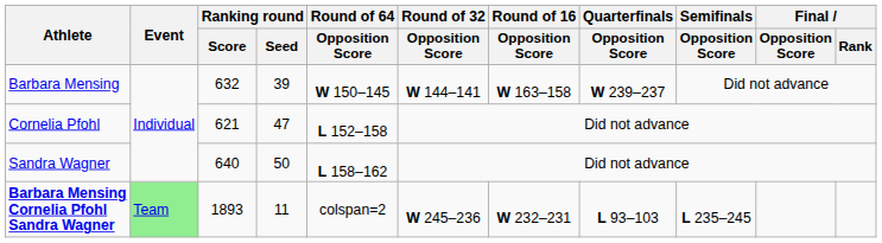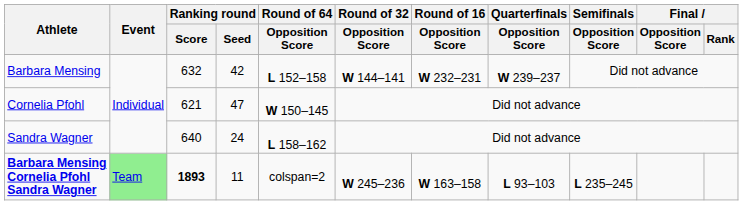 <table class="wikitable" style="font-size:90%">
 <tr>
 <th rowspan=2>Athlete</th>
 <th rowspan=2>Event</th>
 <th colspan="2">Ranking round</th>
 <th>Round of 64</th>
 <th>Round of 32</th>
 <th>Round of 16</th>
 <th>Quarterfinals</th>
 <th>Semifinals</th>
 <th colspan="2">Final / </th>
 </tr>
 <tr style="font-size:95%">
 <th>Score</th>
 <th>Seed</th>
 <th>Opposition<br>Score</th>
 <th>Opposition<br>Score</th>
 <th>Opposition<br>Score</th>
 <th>Opposition<br>Score</th>
 <th>Opposition<br>Score</th>
 <th>Opposition<br>Score</th>
 <th>Rank</th>
 </tr>
 <tr align=center>
 <td align=left><a href='#'>Barbara Mensing</a></td>
 <td align=left rowspan=3><a href='#'>Individual</a></td>
 <td>632</td>
-<td>39</td>
-<td><br><strong>W</strong> 150–145</td>
+<td>42</td>
+<td><br><strong>L</strong> 152–158</td>
 <td><br><strong>W</strong> 144–141</td>
-<td><br><strong>W</strong> 163–158</td>
+<td><br><strong>W</strong> 232–231</td>
 <td><br><strong>W</strong> 239–237</td>
 <td colspan=3>Did not advance</td>
 </tr>
 <tr align=center>
 <td align=left><a href='#'>Cornelia Pfohl</a></td>
 <td>621</td>
 <td>47</td>
-<td><br><strong>L</strong> 152–158</td>
+<td><br><strong>W</strong> 150–145</td>
 <td colspan=6>Did not advance</td>
 </tr>
 <tr align=center>
 <td align=left><a href='#'>Sandra Wagner</a></td>
 <td>640</td>
-<td>50</td>
+<td>24</td>
 <td><br><strong>L</strong> 158–162</td>
 <td colspan=6>Did not advance</td>
 </tr>
 <tr align=center>
 <td align=left><strong><a href='#'>Barbara Mensing</a><br><a href='#'>Cornelia Pfohl</a><br><a href='#'>Sandra Wagner</a></strong></td>
 <td align=left style="background: lightgreen;"><a href='#'>Team</a></td>
-<td>1893</td>
+<td><strong>1893</strong></td>
 <td>11</td>
 <td>colspan=2</td>
 <td><br><strong>W</strong> 245–236</td>
-<td><br><strong>W</strong> 232–231</td>
+<td><br><strong>W</strong> 163–158</td>
 <td><br><strong>L</strong> 93–103</td>
 <td><br><strong>L</strong> 235–245</td>
 <td></td>
 </tr>
 </table>
